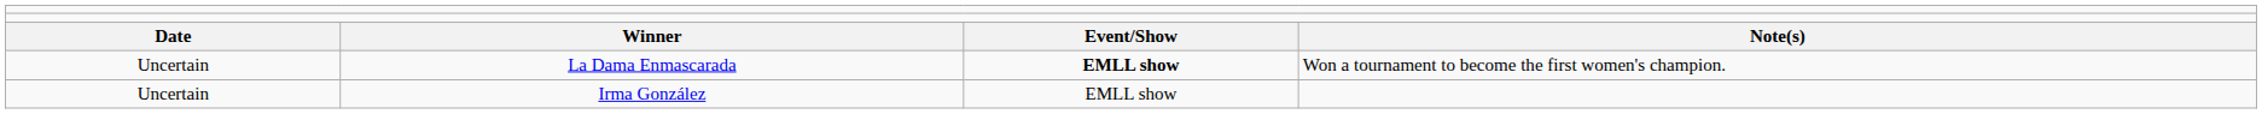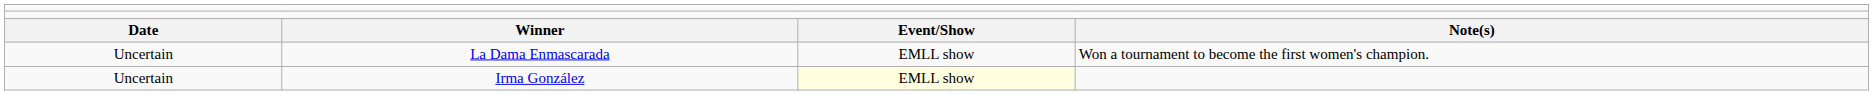 <table class="wikitable" style="text-align:center; width:100%;">
 <tr>
 <td colspan=5></td>
 </tr>
 <tr>
 <td colspan=5><strong></strong></td>
 </tr>
 <tr>
 <th width=14%>Date</th>
 <th width=26%>Winner</th>
 <th width=14%>Event/Show</th>
 <th width=40%>Note(s)</th>
 </tr>
 <tr>
 <td>Uncertain</td>
 <td><a href='#'>La Dama Enmascarada</a></td>
-<td><strong>EMLL show</strong></td>
+<td>EMLL show</td>
 <td align=left>Won a tournament to become the first women's champion.</td>
 </tr>
 <tr>
 <td>Uncertain</td>
 <td><a href='#'>Irma González</a></td>
-<td>EMLL show</td>
+<td style="background: lightyellow;">EMLL show</td>
 <td align=left></td>
 </tr>
 </table>
